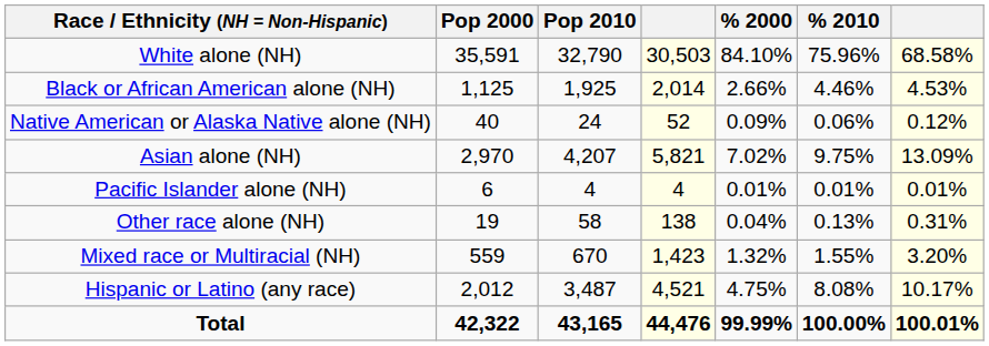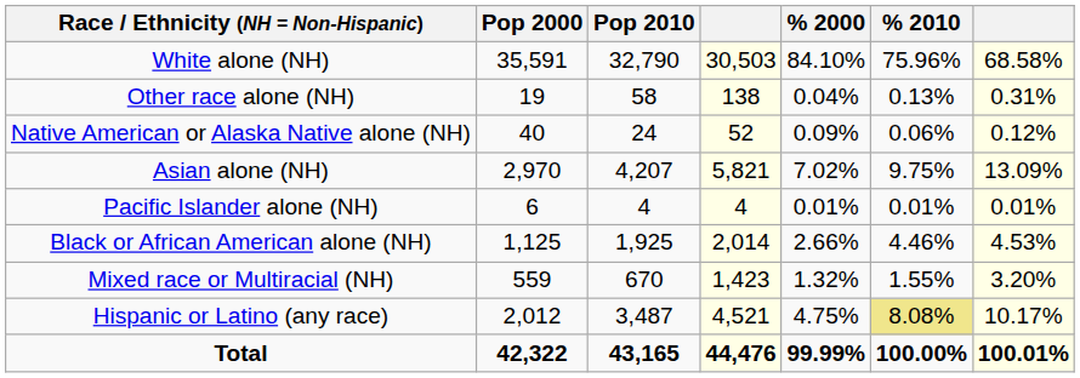 <table class="wikitable" style="text-align:center;">
 <tr>
 <th>Race / Ethnicity <small>(<em>NH = Non-Hispanic</em>)</small></th>
 <th>Pop 2000</th>
 <th>Pop 2010</th>
 <th></th>
 <th>% 2000</th>
 <th>% 2010</th>
 <th></th>
 </tr>
 <tr>
 <td><a href='#'>White</a> alone (NH)</td>
 <td>35,591</td>
 <td>32,790</td>
 <td style='background: #ffffe6;'>30,503</td>
 <td>84.10%</td>
 <td>75.96%</td>
 <td style='background: #ffffe6;'>68.58%</td>
 </tr>
 <tr>
-<td><a href='#'>Black or African American</a> alone (NH)</td>
-<td>1,125</td>
-<td>1,925</td>
-<td style='background: #ffffe6;'>2,014</td>
-<td>2.66%</td>
-<td>4.46%</td>
-<td style='background: #ffffe6;'>4.53%</td>
+<td><a href='#'>Other race</a> alone (NH)</td>
+<td>19</td>
+<td>58</td>
+<td style='background: #ffffe6;'>138</td>
+<td>0.04%</td>
+<td>0.13%</td>
+<td style='background: #ffffe6;'>0.31%</td>
 </tr>
 <tr>
 <td><a href='#'>Native American</a> or <a href='#'>Alaska Native</a> alone (NH)</td>
 <td>40</td>
 <td>24</td>
 <td style='background: #ffffe6;'>52</td>
 <td>0.09%</td>
 <td>0.06%</td>
 <td style='background: #ffffe6;'>0.12%</td>
 </tr>
 <tr>
 <td><a href='#'>Asian</a> alone (NH)</td>
 <td>2,970</td>
 <td>4,207</td>
 <td style='background: #ffffe6;'>5,821</td>
 <td>7.02%</td>
 <td>9.75%</td>
 <td style='background: #ffffe6;'>13.09%</td>
 </tr>
 <tr>
 <td><a href='#'>Pacific Islander</a> alone (NH)</td>
 <td>6</td>
 <td>4</td>
 <td style='background: #ffffe6;'>4</td>
 <td>0.01%</td>
 <td>0.01%</td>
 <td style='background: #ffffe6;'>0.01%</td>
 </tr>
 <tr>
-<td><a href='#'>Other race</a> alone (NH)</td>
-<td>19</td>
-<td>58</td>
-<td style='background: #ffffe6;'>138</td>
-<td>0.04%</td>
-<td>0.13%</td>
-<td style='background: #ffffe6;'>0.31%</td>
+<td><a href='#'>Black or African American</a> alone (NH)</td>
+<td>1,125</td>
+<td>1,925</td>
+<td style='background: #ffffe6;'>2,014</td>
+<td>2.66%</td>
+<td>4.46%</td>
+<td style='background: #ffffe6;'>4.53%</td>
 </tr>
 <tr>
 <td><a href='#'>Mixed race or Multiracial</a> (NH)</td>
 <td>559</td>
 <td>670</td>
 <td style='background: #ffffe6;'>1,423</td>
 <td>1.32%</td>
 <td>1.55%</td>
 <td style='background: #ffffe6;'>3.20%</td>
 </tr>
 <tr>
 <td><a href='#'>Hispanic or Latino</a> (any race)</td>
 <td>2,012</td>
 <td>3,487</td>
 <td style='background: #ffffe6;'>4,521</td>
 <td>4.75%</td>
-<td>8.08%</td>
+<td style="background: khaki;">8.08%</td>
 <td style='background: #ffffe6;'>10.17%</td>
 </tr>
 <tr>
 <td><strong>Total</strong></td>
 <td><strong>42,322</strong></td>
 <td><strong>43,165</strong></td>
 <td style='background: #ffffe6;'><strong>44,476</strong></td>
 <td><strong>99.99%</strong></td>
 <td><strong>100.00%</strong></td>
 <td style='background: #ffffe6;'><strong>100.01%</strong></td>
 </tr>
 </table>
